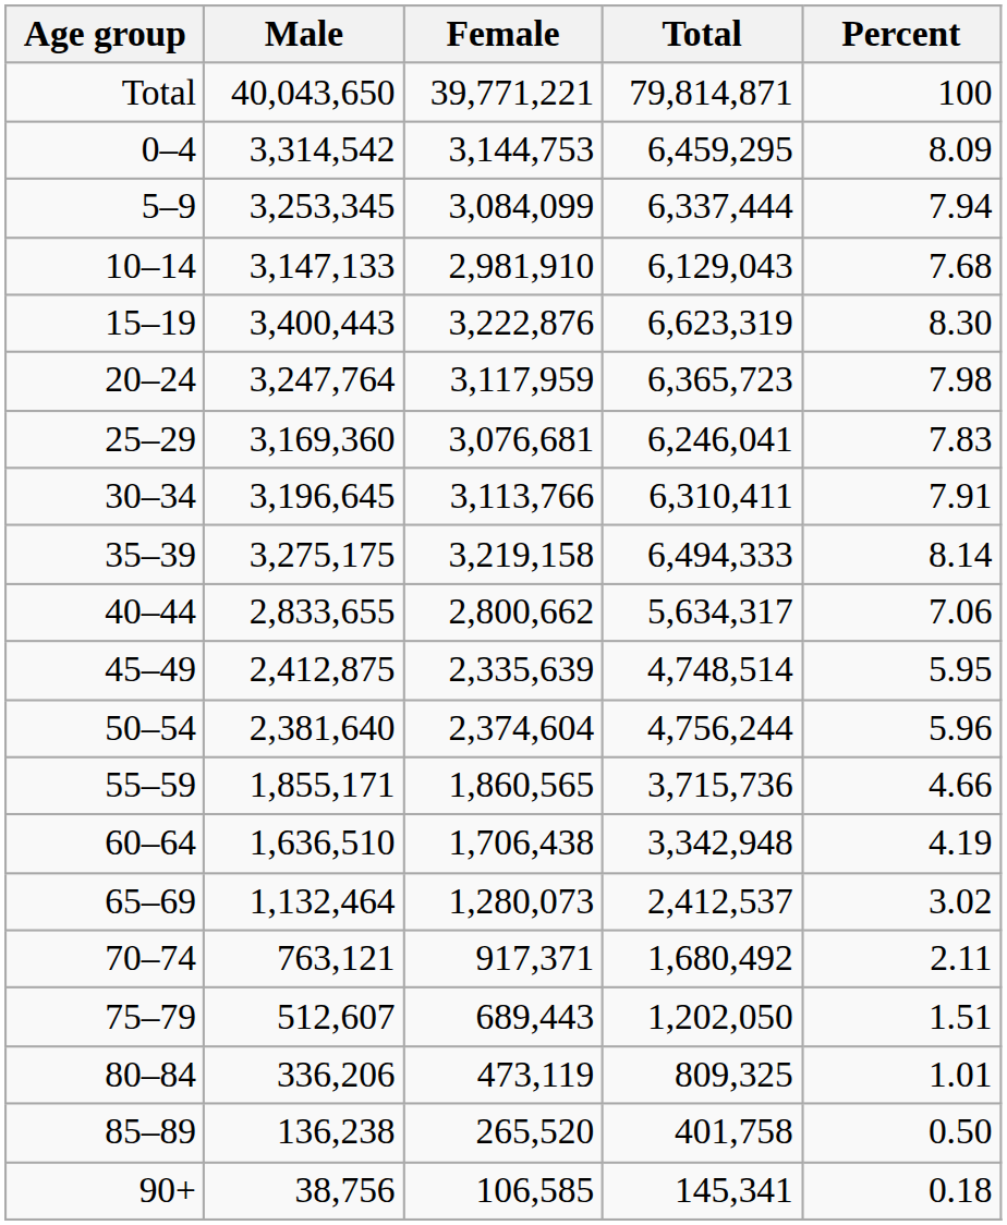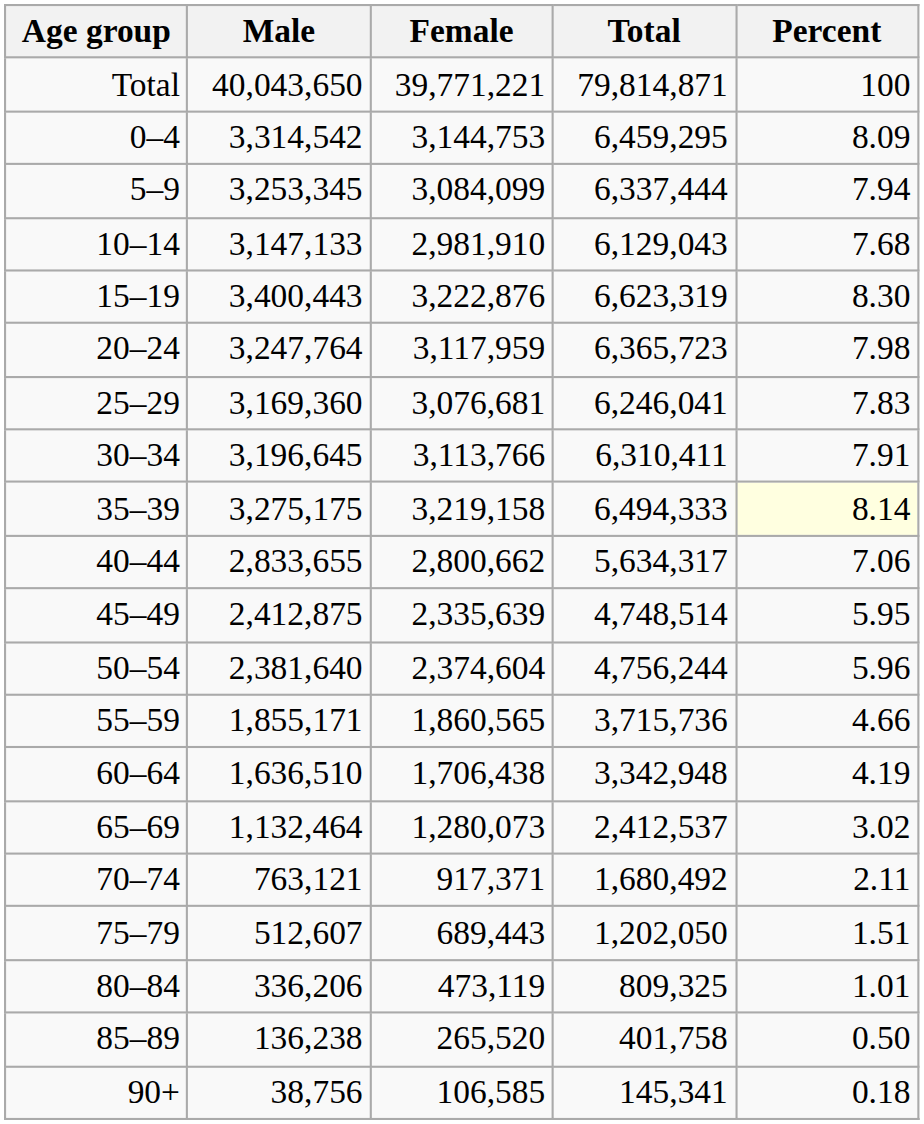 <table class="wikitable">
 <tr>
 <th width="80pt">Age group</th>
 <th width="80pt">Male</th>
 <th width="80pt">Female</th>
 <th width="80pt">Total</th>
 <th width="80pt">Percent</th>
 </tr>
 <tr>
 <td align="right">Total</td>
 <td align="right">40,043,650</td>
 <td align="right">39,771,221</td>
 <td align="right">79,814,871</td>
 <td align="right">100</td>
 </tr>
 <tr>
 <td align="right">0–4</td>
 <td align="right">3,314,542</td>
 <td align="right">3,144,753</td>
 <td align="right">6,459,295</td>
 <td align="right">8.09</td>
 </tr>
 <tr>
 <td align="right">5–9</td>
 <td align="right">3,253,345</td>
 <td align="right">3,084,099</td>
 <td align="right">6,337,444</td>
 <td align="right">7.94</td>
 </tr>
 <tr>
 <td align="right">10–14</td>
 <td align="right">3,147,133</td>
 <td align="right">2,981,910</td>
 <td align="right">6,129,043</td>
 <td align="right">7.68</td>
 </tr>
 <tr>
 <td align="right">15–19</td>
 <td align="right">3,400,443</td>
 <td align="right">3,222,876</td>
 <td align="right">6,623,319</td>
 <td align="right">8.30</td>
 </tr>
 <tr>
 <td align="right">20–24</td>
 <td align="right">3,247,764</td>
 <td align="right">3,117,959</td>
 <td align="right">6,365,723</td>
 <td align="right">7.98</td>
 </tr>
 <tr>
 <td align="right">25–29</td>
 <td align="right">3,169,360</td>
 <td align="right">3,076,681</td>
 <td align="right">6,246,041</td>
 <td align="right">7.83</td>
 </tr>
 <tr>
 <td align="right">30–34</td>
 <td align="right">3,196,645</td>
 <td align="right">3,113,766</td>
 <td align="right">6,310,411</td>
 <td align="right">7.91</td>
 </tr>
 <tr>
 <td align="right">35–39</td>
 <td align="right">3,275,175</td>
 <td align="right">3,219,158</td>
 <td align="right">6,494,333</td>
-<td align="right">8.14</td>
+<td align="right" style="background: lightyellow;">8.14</td>
 </tr>
 <tr>
 <td align="right">40–44</td>
 <td align="right">2,833,655</td>
 <td align="right">2,800,662</td>
 <td align="right">5,634,317</td>
 <td align="right">7.06</td>
 </tr>
 <tr>
 <td align="right">45–49</td>
 <td align="right">2,412,875</td>
 <td align="right">2,335,639</td>
 <td align="right">4,748,514</td>
 <td align="right">5.95</td>
 </tr>
 <tr>
 <td align="right">50–54</td>
 <td align="right">2,381,640</td>
 <td align="right">2,374,604</td>
 <td align="right">4,756,244</td>
 <td align="right">5.96</td>
 </tr>
 <tr>
 <td align="right">55–59</td>
 <td align="right">1,855,171</td>
 <td align="right">1,860,565</td>
 <td align="right">3,715,736</td>
 <td align="right">4.66</td>
 </tr>
 <tr>
 <td align="right">60–64</td>
 <td align="right">1,636,510</td>
 <td align="right">1,706,438</td>
 <td align="right">3,342,948</td>
 <td align="right">4.19</td>
 </tr>
 <tr>
 <td align="right">65–69</td>
 <td align="right">1,132,464</td>
 <td align="right">1,280,073</td>
 <td align="right">2,412,537</td>
 <td align="right">3.02</td>
 </tr>
 <tr>
 <td align="right">70–74</td>
 <td align="right">763,121</td>
 <td align="right">917,371</td>
 <td align="right">1,680,492</td>
 <td align="right">2.11</td>
 </tr>
 <tr>
 <td align="right">75–79</td>
 <td align="right">512,607</td>
 <td align="right">689,443</td>
 <td align="right">1,202,050</td>
 <td align="right">1.51</td>
 </tr>
 <tr>
 <td align="right">80–84</td>
 <td align="right">336,206</td>
 <td align="right">473,119</td>
 <td align="right">809,325</td>
 <td align="right">1.01</td>
 </tr>
 <tr>
 <td align="right">85–89</td>
 <td align="right">136,238</td>
 <td align="right">265,520</td>
 <td align="right">401,758</td>
 <td align="right">0.50</td>
 </tr>
 <tr>
 <td align="right">90+</td>
 <td align="right">38,756</td>
 <td align="right">106,585</td>
 <td align="right">145,341</td>
 <td align="right">0.18</td>
 </tr>
 <tr>
 </tr>
 </table>
